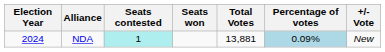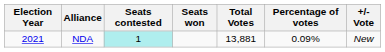 <table class="wikitable" style="text-align:center">
 <tr>
 <th Style="background-color:">Election Year</th>
 <th Style="background-color:">Alliance</th>
 <th Style="background-color:">Seats contested</th>
 <th Style="background-color:">Seats won</th>
 <th Style="background-color:">Total Votes</th>
 <th Style="background-color:">Percentage of votes</th>
 <th Style="background-color:">+/- Vote</th>
 </tr>
 <tr>
-<td><a href='#'>2024</a></td>
+<td><a href='#'>2021</a></td>
 <td><a href='#'>NDA</a></td>
 <td style="background: paleturquoise;">1</td>
 <td></td>
 <td>13,881</td>
-<td style="background: lightblue;">0.09%</td>
+<td>0.09%</td>
 <td><em>New</em></td>
 </tr>
 </table>
